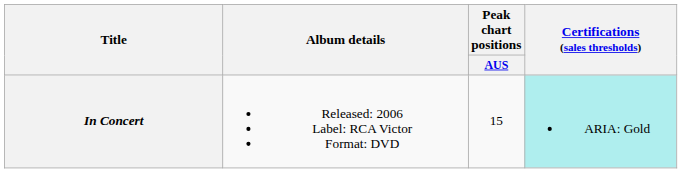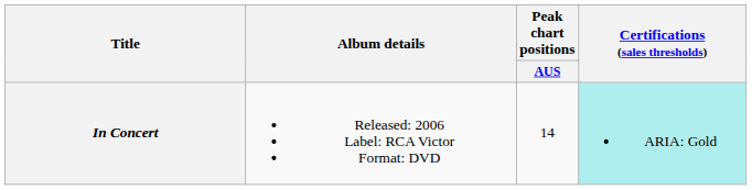 <table class="wikitable plainrowheaders" style="text-align:center;">
 <tr>
 <th scope="col" rowspan="2" style="width:16em;">Title</th>
 <th scope="col" rowspan="2" style="width:18em;">Album details</th>
 <th scope="col" colspan="1">Peak chart positions</th>
 <th scope="col" rowspan="2" style="width:11em;"><a href='#'>Certifications</a><br><small>(<a href='#'>sales thresholds</a>)</small></th>
 </tr>
 <tr>
 <th scope="col" style="width:3em;font-size:90%;"><a href='#'>AUS</a><br></th>
 </tr>
 <tr>
 <th scope="row"><em>In Concert</em></th>
 <td><br><ul><li>Released: 2006</li><li>Label: RCA Victor</li><li>Format: DVD</li></ul></td>
-<td align="center">15</td>
+<td align="center">14</td>
 <td style="background: paleturquoise;"><br><ul><li>ARIA: Gold</li></ul></td>
 </tr>
 </table>
